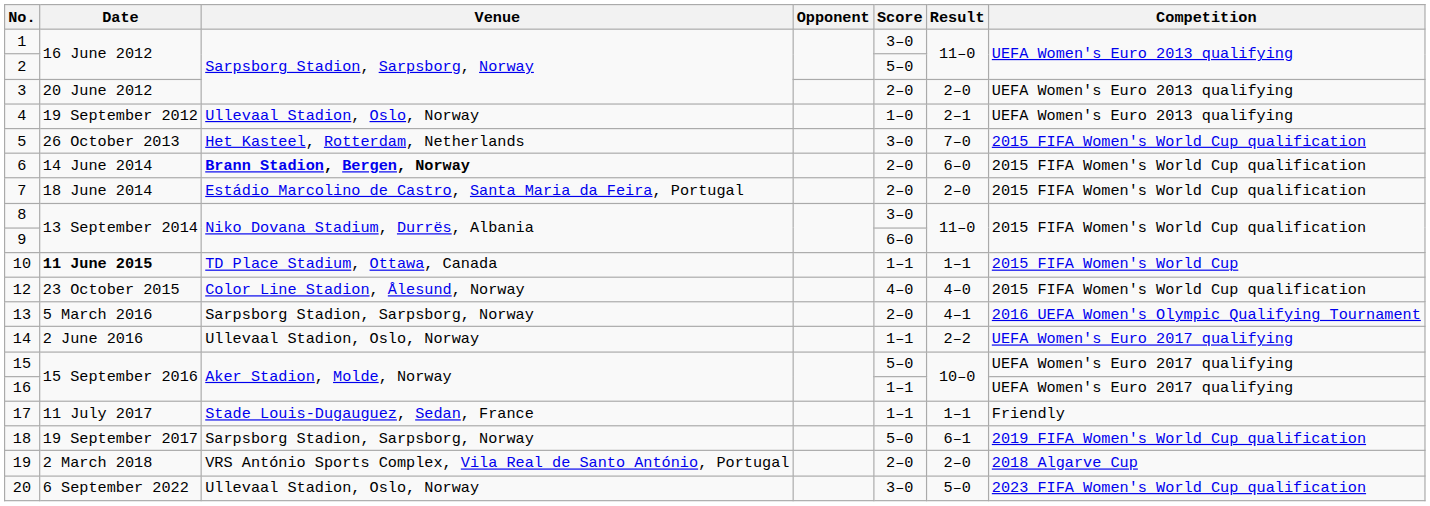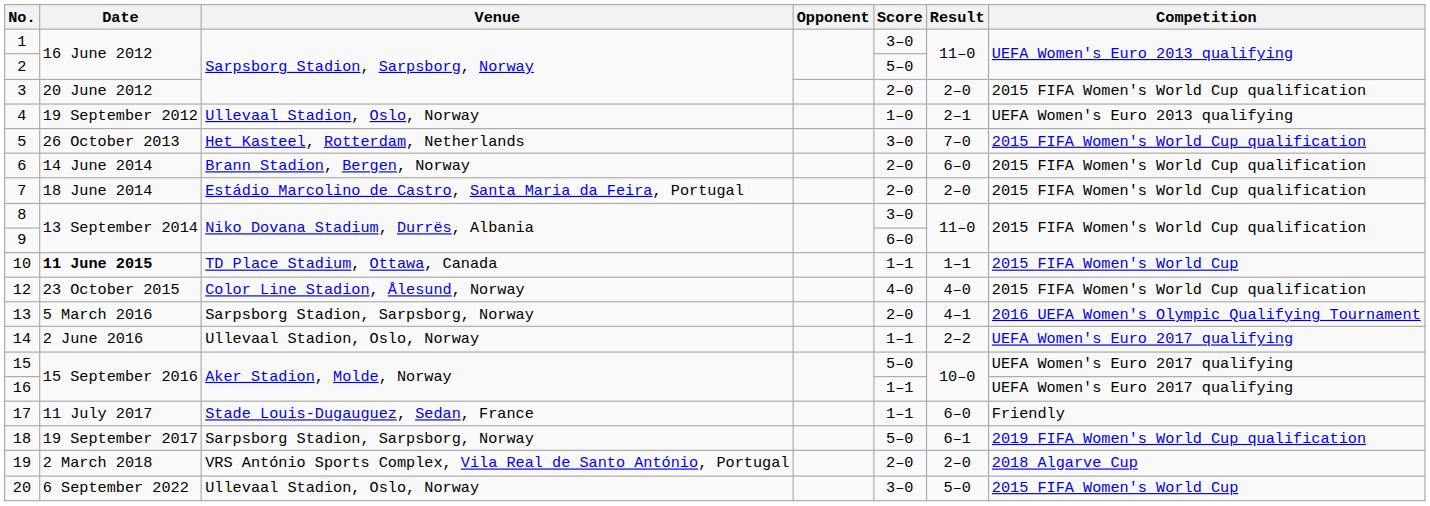 <table class="wikitable sortable">
 <tr>
 <th scope="col">No.</th>
 <th scope="col">Date</th>
 <th scope="col">Venue</th>
 <th scope="col">Opponent</th>
 <th scope="col">Score</th>
 <th scope="col">Result</th>
 <th scope="col">Competition</th>
 </tr>
 <tr>
 <td align="center">1</td>
 <td rowspan=2>16 June 2012</td>
 <td rowspan=3><a href='#'>Sarpsborg Stadion</a>, <a href='#'>Sarpsborg</a>, <a href='#'>Norway</a></td>
 <td rowspan=2></td>
 <td align="center">3–0</td>
 <td rowspan=2 align=center>11–0</td>
 <td rowspan="2"><a href='#'>UEFA Women's Euro 2013 qualifying</a></td>
 </tr>
 <tr>
 <td align="center">2</td>
 <td align="center">5–0</td>
 </tr>
 <tr>
 <td align="center">3</td>
 <td>20 June 2012</td>
 <td></td>
 <td align="center">2–0</td>
 <td align="center">2–0</td>
-<td>UEFA Women's Euro 2013 qualifying</td>
+<td>2015 FIFA Women's World Cup qualification</td>
 </tr>
 <tr>
 <td align="center">4</td>
 <td>19 September 2012</td>
 <td><a href='#'>Ullevaal Stadion</a>, <a href='#'>Oslo</a>, Norway</td>
 <td></td>
 <td align="center">1–0</td>
 <td align="center">2–1</td>
 <td>UEFA Women's Euro 2013 qualifying</td>
 </tr>
 <tr>
 <td align="center">5</td>
 <td>26 October 2013</td>
 <td><a href='#'>Het Kasteel</a>, <a href='#'>Rotterdam</a>, Netherlands</td>
 <td></td>
 <td align=center>3–0</td>
 <td align=center>7–0</td>
 <td><a href='#'>2015 FIFA Women's World Cup qualification</a></td>
 </tr>
 <tr>
 <td align="center">6</td>
 <td>14 June 2014</td>
-<td><strong><a href='#'>Brann Stadion</a>, <a href='#'>Bergen</a>, Norway</strong></td>
+<td><a href='#'>Brann Stadion</a>, <a href='#'>Bergen</a>, Norway</td>
 <td></td>
 <td align=center>2–0</td>
 <td align=center>6–0</td>
 <td>2015 FIFA Women's World Cup qualification</td>
 </tr>
 <tr>
 <td align="center">7</td>
 <td>18 June 2014</td>
 <td><a href='#'>Estádio Marcolino de Castro</a>, <a href='#'>Santa Maria da Feira</a>, Portugal</td>
 <td></td>
 <td align=center>2–0</td>
 <td align=center>2–0</td>
 <td>2015 FIFA Women's World Cup qualification</td>
 </tr>
 <tr>
 <td align="center">8</td>
 <td rowspan=2>13 September 2014</td>
 <td rowspan=2><a href='#'>Niko Dovana Stadium</a>, <a href='#'>Durrës</a>, Albania</td>
 <td rowspan=2></td>
 <td align="center">3–0</td>
 <td rowspan=2 align=center>11–0</td>
 <td rowspan="2">2015 FIFA Women's World Cup qualification</td>
 </tr>
 <tr>
 <td align="center">9</td>
 <td align=center>6–0</td>
 </tr>
 <tr>
 <td align="center">10</td>
 <td><strong>11 June 2015</strong></td>
 <td><a href='#'>TD Place Stadium</a>, <a href='#'>Ottawa</a>, Canada</td>
 <td></td>
 <td align="center">1–1</td>
 <td align="center">1–1</td>
 <td><a href='#'>2015 FIFA Women's World Cup</a></td>
 </tr>
 <tr>
 <td align="center">12</td>
 <td>23 October 2015</td>
 <td><a href='#'>Color Line Stadion</a>, <a href='#'>Ålesund</a>, Norway</td>
 <td></td>
 <td align="center">4–0</td>
 <td align="center">4–0</td>
 <td>2015 FIFA Women's World Cup qualification</td>
 </tr>
 <tr>
 <td align="center">13</td>
 <td>5 March 2016</td>
 <td>Sarpsborg Stadion, Sarpsborg, Norway</td>
 <td></td>
 <td align="center">2–0</td>
 <td align="center">4–1</td>
 <td><a href='#'>2016 UEFA Women's Olympic Qualifying Tournament</a></td>
 </tr>
 <tr>
 <td align="center">14</td>
 <td>2 June 2016</td>
 <td>Ullevaal Stadion, Oslo, Norway</td>
 <td></td>
 <td align="center">1–1</td>
 <td align="center">2–2</td>
 <td><a href='#'>UEFA Women's Euro 2017 qualifying</a></td>
 </tr>
 <tr>
 <td align="center">15</td>
 <td rowspan=2>15 September 2016</td>
 <td rowspan=2><a href='#'>Aker Stadion</a>, <a href='#'>Molde</a>, Norway</td>
 <td rowspan=2></td>
 <td align="center">5–0</td>
 <td rowspan=2 align=center>10–0</td>
 <td>UEFA Women's Euro 2017 qualifying</td>
 </tr>
 <tr>
 <td align="center">16</td>
 <td align="center">1–1</td>
 <td>UEFA Women's Euro 2017 qualifying</td>
 </tr>
 <tr>
 <td align="center">17</td>
 <td>11 July 2017</td>
 <td><a href='#'>Stade Louis-Dugauguez</a>, <a href='#'>Sedan</a>, France</td>
 <td></td>
 <td align="center">1–1</td>
-<td align="center">1–1</td>
+<td align=center>6–0</td>
 <td>Friendly</td>
 </tr>
 <tr>
 <td align="center">18</td>
 <td>19 September 2017</td>
 <td>Sarpsborg Stadion, Sarpsborg, Norway</td>
 <td></td>
 <td align="center">5–0</td>
 <td align="center">6–1</td>
 <td><a href='#'>2019 FIFA Women's World Cup qualification</a></td>
 </tr>
 <tr>
 <td align="center">19</td>
 <td>2 March 2018</td>
 <td>VRS António Sports Complex, <a href='#'>Vila Real de Santo António</a>, Portugal</td>
 <td></td>
 <td align="center">2–0</td>
 <td align="center">2–0</td>
 <td><a href='#'>2018 Algarve Cup</a></td>
 </tr>
 <tr>
 <td align="center">20</td>
 <td>6 September 2022</td>
 <td>Ullevaal Stadion, Oslo, Norway</td>
 <td></td>
 <td align="center">3–0</td>
 <td align="center">5–0</td>
-<td><a href='#'>2023 FIFA Women's World Cup qualification</a></td>
+<td><a href='#'>2015 FIFA Women's World Cup</a></td>
 </tr>
 </table>
